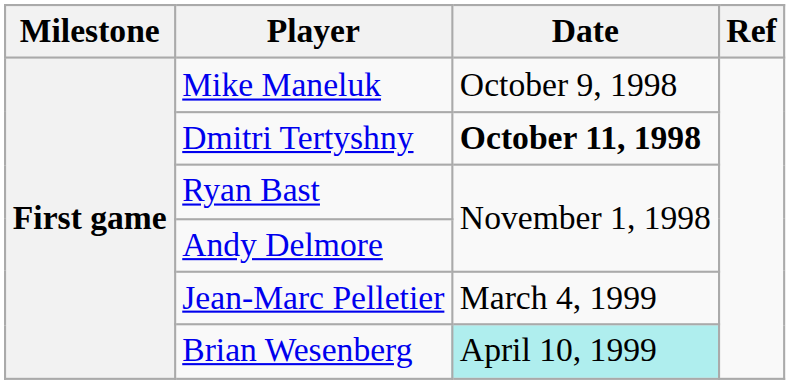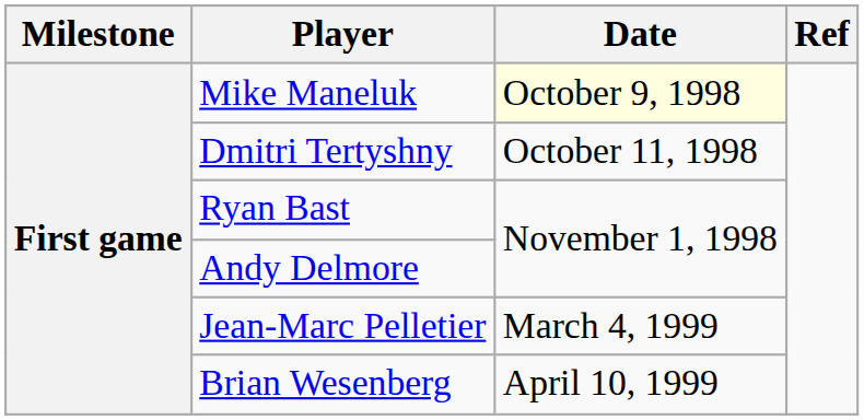 <table class="wikitable">
 <tr>
 <th scope="col">Milestone</th>
 <th scope="col">Player</th>
 <th scope="col">Date</th>
 <th scope="col">Ref</th>
 </tr>
 <tr>
 <th rowspan=6>First game</th>
 <td><a href='#'>Mike Maneluk</a></td>
-<td>October 9, 1998</td>
+<td style="background: lightyellow;">October 9, 1998</td>
 <td rowspan=6></td>
 </tr>
 <tr>
 <td><a href='#'>Dmitri Tertyshny</a></td>
-<td><strong>October 11, 1998</strong></td>
+<td>October 11, 1998</td>
 </tr>
 <tr>
 <td><a href='#'>Ryan Bast</a></td>
 <td rowspan=2>November 1, 1998</td>
 </tr>
 <tr>
 <td><a href='#'>Andy Delmore</a></td>
 </tr>
 <tr>
 <td><a href='#'>Jean-Marc Pelletier</a></td>
 <td>March 4, 1999</td>
 </tr>
 <tr>
 <td><a href='#'>Brian Wesenberg</a></td>
-<td style="background: paleturquoise;">April 10, 1999</td>
+<td>April 10, 1999</td>
 </tr>
 </table>
